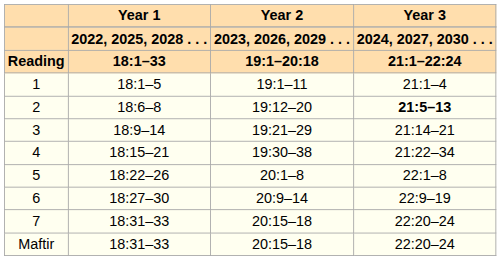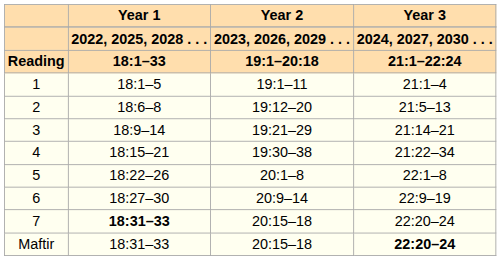 <table class="wikitable" style="background:Ivory; text-align:center">
 <tr>
 <th style="background:Navajowhite;"></th>
 <th style="background:Navajowhite;">Year 1</th>
 <th style="background:Navajowhite;">Year 2</th>
 <th style="background:Navajowhite;">Year 3</th>
 </tr>
 <tr>
 </tr>
 <tr>
 <th style="background:Navajowhite;"></th>
 <th style="background:Navajowhite;">2022, 2025, 2028 . . .</th>
 <th style="background:Navajowhite;">2023, 2026, 2029 . . .</th>
 <th style="background:Navajowhite;">2024, 2027, 2030 . . .</th>
 </tr>
 <tr>
 <th style="background:Navajowhite;">Reading</th>
 <th style="background:Navajowhite;">18:1–33</th>
 <th style="background:Navajowhite;">19:1–20:18</th>
 <th style="background:Navajowhite;">21:1–22:24</th>
 </tr>
 <tr>
 <td>1</td>
 <td>18:1–5</td>
 <td>19:1–11</td>
 <td>21:1–4</td>
 </tr>
 <tr>
 <td>2</td>
 <td>18:6–8</td>
 <td>19:12–20</td>
-<td><strong>21:5–13</strong></td>
+<td>21:5–13</td>
 </tr>
 <tr>
 <td>3</td>
 <td>18:9–14</td>
 <td>19:21–29</td>
 <td>21:14–21</td>
 </tr>
 <tr>
 <td>4</td>
 <td>18:15–21</td>
 <td>19:30–38</td>
 <td>21:22–34</td>
 </tr>
 <tr>
 <td>5</td>
 <td>18:22–26</td>
 <td>20:1–8</td>
 <td>22:1–8</td>
 </tr>
 <tr>
 <td>6</td>
 <td>18:27–30</td>
 <td>20:9–14</td>
 <td>22:9–19</td>
 </tr>
 <tr>
 <td>7</td>
-<td>18:31–33</td>
+<td><strong>18:31–33</strong></td>
 <td>20:15–18</td>
 <td>22:20–24</td>
 </tr>
 <tr>
 <td>Maftir</td>
 <td>18:31–33</td>
 <td>20:15–18</td>
-<td>22:20–24</td>
+<td><strong>22:20–24</strong></td>
 </tr>
 </table>
